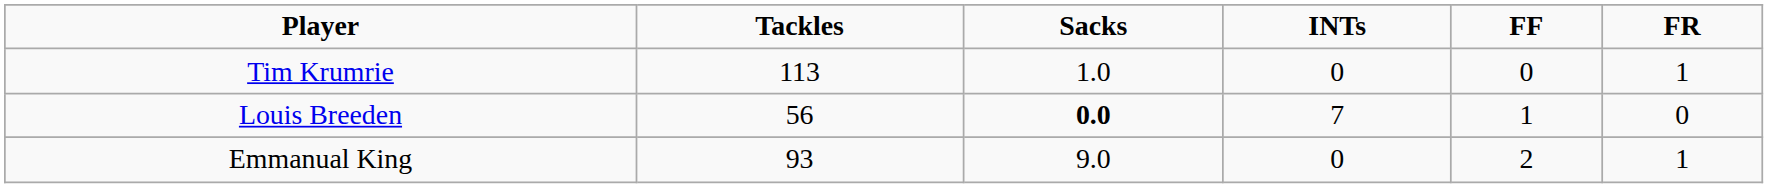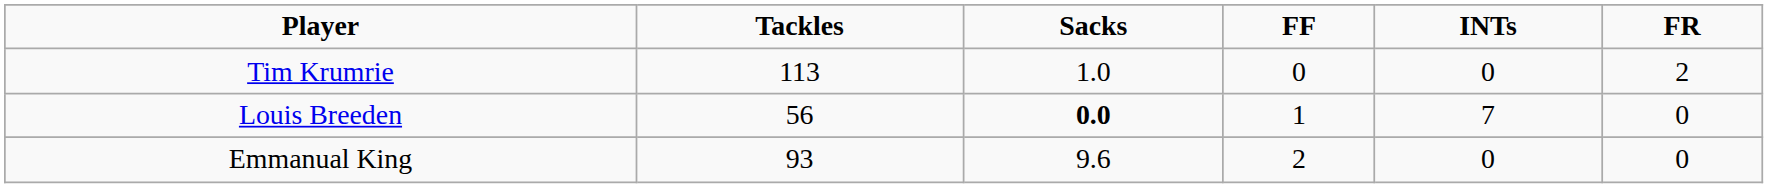 <table class="wikitable" width="80%">
 <tr align="center">
 <td><strong>Player</strong></td>
 <td><strong>Tackles</strong></td>
 <td><strong>Sacks</strong></td>
+<td><strong>FF</strong></td>
 <td><strong>INTs</strong></td>
-<td><strong>FF</strong></td>
 <td><strong>FR</strong></td>
 </tr>
 <tr align="center" bgcolor="">
 <td><a href='#'>Tim Krumrie</a></td>
 <td>113</td>
 <td>1.0</td>
 <td>0</td>
 <td>0</td>
-<td>1</td>
+<td>2</td>
 </tr>
 <tr align="center" bgcolor="">
 <td><a href='#'>Louis Breeden</a></td>
 <td>56</td>
 <td><strong>0.0</strong></td>
+<td>1</td>
 <td>7</td>
-<td>1</td>
 <td>0</td>
 </tr>
 <tr align="center" bgcolor="">
 <td>Emmanual King</td>
 <td>93</td>
-<td>9.0</td>
+<td>9.6</td>
+<td>2</td>
 <td>0</td>
-<td>2</td>
-<td>1</td>
+<td>0</td>
 </tr>
 </table>
